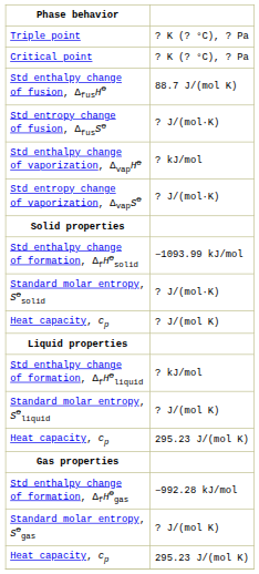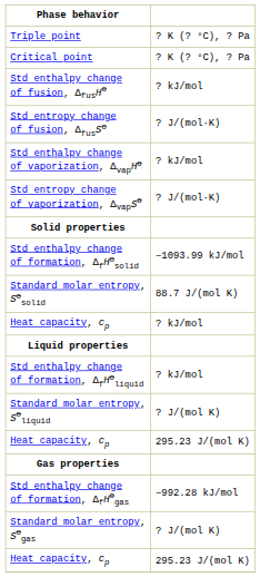 <table border="1" cellspacing="0" cellpadding="6" style="margin: 0 0 0 0.5em; background: #FFFFFF; border-collapse: collapse; border-color: #C0C090;">
 <tr>
 <th>Phase behavior</th>
 </tr>
 <tr>
 <td><a href='#'>Triple point</a></td>
 <td>? K (? °C), ? Pa</td>
 </tr>
 <tr>
 <td><a href='#'>Critical point</a></td>
 <td>? K (? °C), ? Pa</td>
 </tr>
 <tr>
 <td><a href='#'>Std enthalpy change<br>of fusion</a>, Δ<sub>fus</sub><em>H</em><sup><s>o</s></sup></td>
-<td>88.7 J/(mol K)</td>
+<td>? kJ/mol</td>
 </tr>
 <tr>
 <td><a href='#'>Std entropy change<br>of fusion</a>, Δ<sub>fus</sub><em>S</em><sup><s>o</s></sup></td>
 <td>? J/(mol·K)</td>
 </tr>
 <tr>
 <td><a href='#'>Std enthalpy change<br>of vaporization</a>, Δ<sub>vap</sub><em>H</em><sup><s>o</s></sup></td>
 <td>? kJ/mol</td>
 </tr>
 <tr>
 <td><a href='#'>Std entropy change<br>of vaporization</a>, Δ<sub>vap</sub><em>S</em><sup><s>o</s></sup></td>
 <td>? J/(mol·K)</td>
 </tr>
 <tr>
 <th>Solid properties</th>
 </tr>
 <tr>
 <td><a href='#'>Std enthalpy change<br>of formation</a>, Δ<sub>f</sub><em>H</em><sup><s>o</s></sup><sub>solid</sub></td>
 <td>−1093.99 kJ/mol</td>
 </tr>
 <tr>
 <td><a href='#'>Standard molar entropy</a>,<br><em>S</em><sup><s>o</s></sup><sub>solid</sub></td>
-<td>? J/(mol·K)</td>
+<td>88.7 J/(mol K)</td>
 </tr>
 <tr>
 <td><a href='#'>Heat capacity</a>, <em>c<sub>p</sub></em></td>
-<td>? J/(mol K)</td>
+<td>? kJ/mol</td>
 </tr>
 <tr>
 <th>Liquid properties</th>
 </tr>
 <tr>
 <td><a href='#'>Std enthalpy change<br>of formation</a>, Δ<sub>f</sub><em>H</em><sup><s>o</s></sup><sub>liquid</sub></td>
 <td>? kJ/mol</td>
 </tr>
 <tr>
 <td><a href='#'>Standard molar entropy</a>,<br><em>S</em><sup><s>o</s></sup><sub>liquid</sub></td>
 <td>? J/(mol K)</td>
 </tr>
 <tr>
 <td><a href='#'>Heat capacity</a>, <em>c<sub>p</sub></em></td>
 <td>295.23 J/(mol K)</td>
 </tr>
 <tr>
 <th>Gas properties</th>
 </tr>
 <tr>
 <td><a href='#'>Std enthalpy change<br>of formation</a>, Δ<sub>f</sub><em>H</em><sup><s>o</s></sup><sub>gas</sub></td>
 <td>−992.28 kJ/mol</td>
 </tr>
 <tr>
 <td><a href='#'>Standard molar entropy</a>,<br><em>S</em><sup><s>o</s></sup><sub>gas</sub></td>
 <td>? J/(mol K)</td>
 </tr>
 <tr>
 <td><a href='#'>Heat capacity</a>, <em>c<sub>p</sub></em></td>
 <td>295.23 J/(mol K)</td>
 </tr>
 <tr>
 </tr>
 </table>
